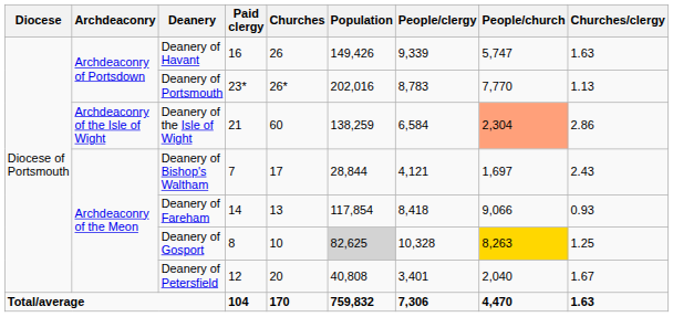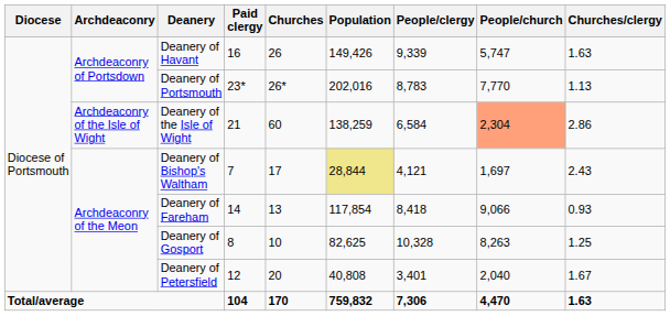 <table class="wikitable">
 <tr>
 <th>Diocese</th>
 <th>Archdeaconry</th>
 <th>Deanery</th>
 <th>Paid clergy</th>
 <th>Churches</th>
 <th>Population</th>
 <th>People/clergy</th>
 <th>People/church</th>
 <th>Churches/clergy</th>
 </tr>
 <tr>
 <td rowspan="7">Diocese of Portsmouth</td>
 <td rowspan="2"><a href='#'>Archdeaconry of Portsdown</a></td>
 <td>Deanery of <a href='#'>Havant</a></td>
 <td>16</td>
 <td>26</td>
 <td>149,426</td>
 <td>9,339</td>
 <td>5,747</td>
 <td>1.63</td>
 </tr>
 <tr>
 <td>Deanery of <a href='#'>Portsmouth</a></td>
 <td>23*</td>
 <td>26*</td>
 <td>202,016</td>
 <td>8,783</td>
 <td>7,770</td>
 <td>1.13</td>
 </tr>
 <tr>
 <td><a href='#'>Archdeaconry of the Isle of Wight</a></td>
 <td>Deanery of the <a href='#'>Isle of Wight</a></td>
 <td>21</td>
 <td>60</td>
 <td>138,259</td>
 <td>6,584</td>
 <td style="background: lightsalmon;">2,304</td>
 <td>2.86</td>
 </tr>
 <tr>
 <td rowspan="4"><a href='#'>Archdeaconry of the Meon</a></td>
 <td>Deanery of <a href='#'>Bishop's Waltham</a></td>
 <td>7</td>
 <td>17</td>
-<td>28,844</td>
+<td style="background: khaki;">28,844</td>
 <td>4,121</td>
 <td>1,697</td>
 <td>2.43</td>
 </tr>
 <tr>
 <td>Deanery of <a href='#'>Fareham</a></td>
 <td>14</td>
 <td>13</td>
 <td>117,854</td>
 <td>8,418</td>
 <td>9,066</td>
 <td>0.93</td>
 </tr>
 <tr>
 <td>Deanery of <a href='#'>Gosport</a></td>
 <td>8</td>
 <td>10</td>
-<td style="background: lightgrey;">82,625</td>
+<td>82,625</td>
 <td>10,328</td>
-<td style="background: gold;">8,263</td>
+<td>8,263</td>
 <td>1.25</td>
 </tr>
 <tr>
 <td>Deanery of <a href='#'>Petersfield</a></td>
 <td>12</td>
 <td>20</td>
 <td>40,808</td>
 <td>3,401</td>
 <td>2,040</td>
 <td>1.67</td>
 </tr>
 <tr>
 <td colspan="3"><strong>Total/average</strong></td>
 <td><strong>104</strong></td>
 <td><strong>170</strong></td>
 <td><strong>759,832</strong></td>
 <td><strong>7,306</strong></td>
 <td><strong>4,470</strong></td>
 <td><strong>1.63</strong></td>
 </tr>
 </table>
